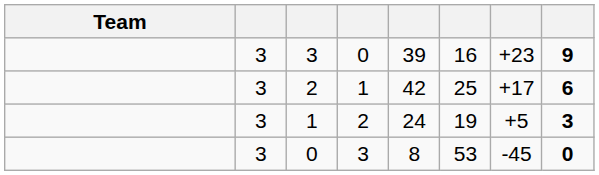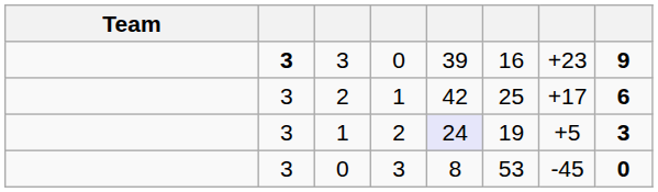 <table class="wikitable" style="text-align:center;font-size:95%">
 <tr>
 <th width=160>Team</th>
 <th width=30></th>
 <th width=30></th>
 <th width=30></th>
 <th width=30></th>
 <th width=30></th>
 <th width=30></th>
 <th width=30></th>
 </tr>
 <tr>
 <td align="left"></td>
-<td>3</td>
+<td><strong>3</strong></td>
 <td>3</td>
 <td>0</td>
 <td>39</td>
 <td>16</td>
 <td>+23</td>
 <td><strong>9</strong></td>
 </tr>
 <tr>
 <td align="left"></td>
 <td>3</td>
 <td>2</td>
 <td>1</td>
 <td>42</td>
 <td>25</td>
 <td>+17</td>
 <td><strong>6</strong></td>
 </tr>
 <tr>
 <td align="left"></td>
 <td>3</td>
 <td>1</td>
 <td>2</td>
-<td>24</td>
+<td style="background: lavender;">24</td>
 <td>19</td>
 <td>+5</td>
 <td><strong>3</strong></td>
 </tr>
 <tr>
 <td align="left"></td>
 <td>3</td>
 <td>0</td>
 <td>3</td>
 <td>8</td>
 <td>53</td>
 <td>-45</td>
 <td><strong>0</strong></td>
 </tr>
 </table>
